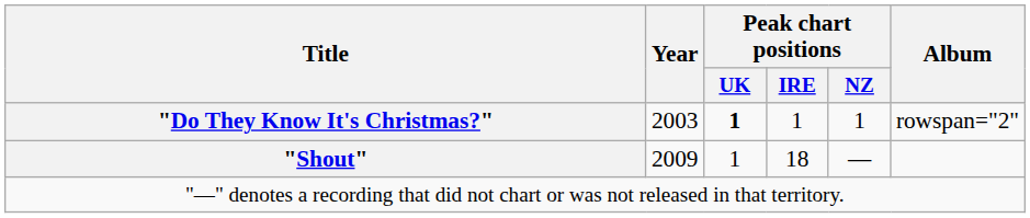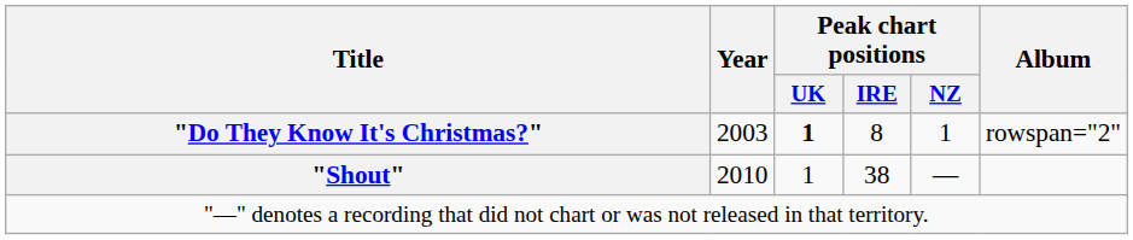 <table class="wikitable plainrowheaders" style="text-align:center;" border="1">
 <tr>
 <th scope="col" rowspan="2" style="width:27em;">Title</th>
 <th scope="col" rowspan="2" style="width:1em;">Year</th>
 <th scope="col" colspan="3">Peak chart positions</th>
 <th scope="col" rowspan="2">Album</th>
 </tr>
 <tr>
 <th scope="col" style="width:2.5em;font-size:90%;"><a href='#'>UK</a><br></th>
 <th scope="col" style="width:2.5em;font-size:90%;"><a href='#'>IRE</a><br></th>
 <th scope="col" style="width:2.5em;font-size:90%;"><a href='#'>NZ</a><br></th>
 </tr>
 <tr>
 <th scope="row">"<a href='#'>Do They Know It's Christmas?</a>"<br></th>
 <td>2003</td>
 <td><strong>1</strong></td>
-<td>1</td>
+<td>8</td>
 <td>1</td>
 <td>rowspan="2" </td>
 </tr>
 <tr>
 <th scope="row">"<a href='#'>Shout</a>"<br></th>
-<td>2009</td>
+<td>2010</td>
 <td>1</td>
-<td>18</td>
+<td>38</td>
 <td>—</td>
 </tr>
 <tr>
 <td colspan="6" style="font-size:90%">"—" denotes a recording that did not chart or was not released in that territory.</td>
 </tr>
 </table>
